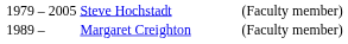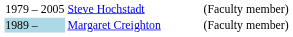 <table>
 <tr>
 <td width="80">1979 – 2005</td>
 <td width="180"><a href='#'>Steve Hochstadt</a></td>
 <td>(Faculty member)</td>
 </tr>
 <tr>
-<td>1989 –</td>
+<td style="background: lightblue;">1989 –</td>
 <td><a href='#'>Margaret Creighton</a></td>
 <td>(Faculty member)</td>
 </tr>
 </table>
